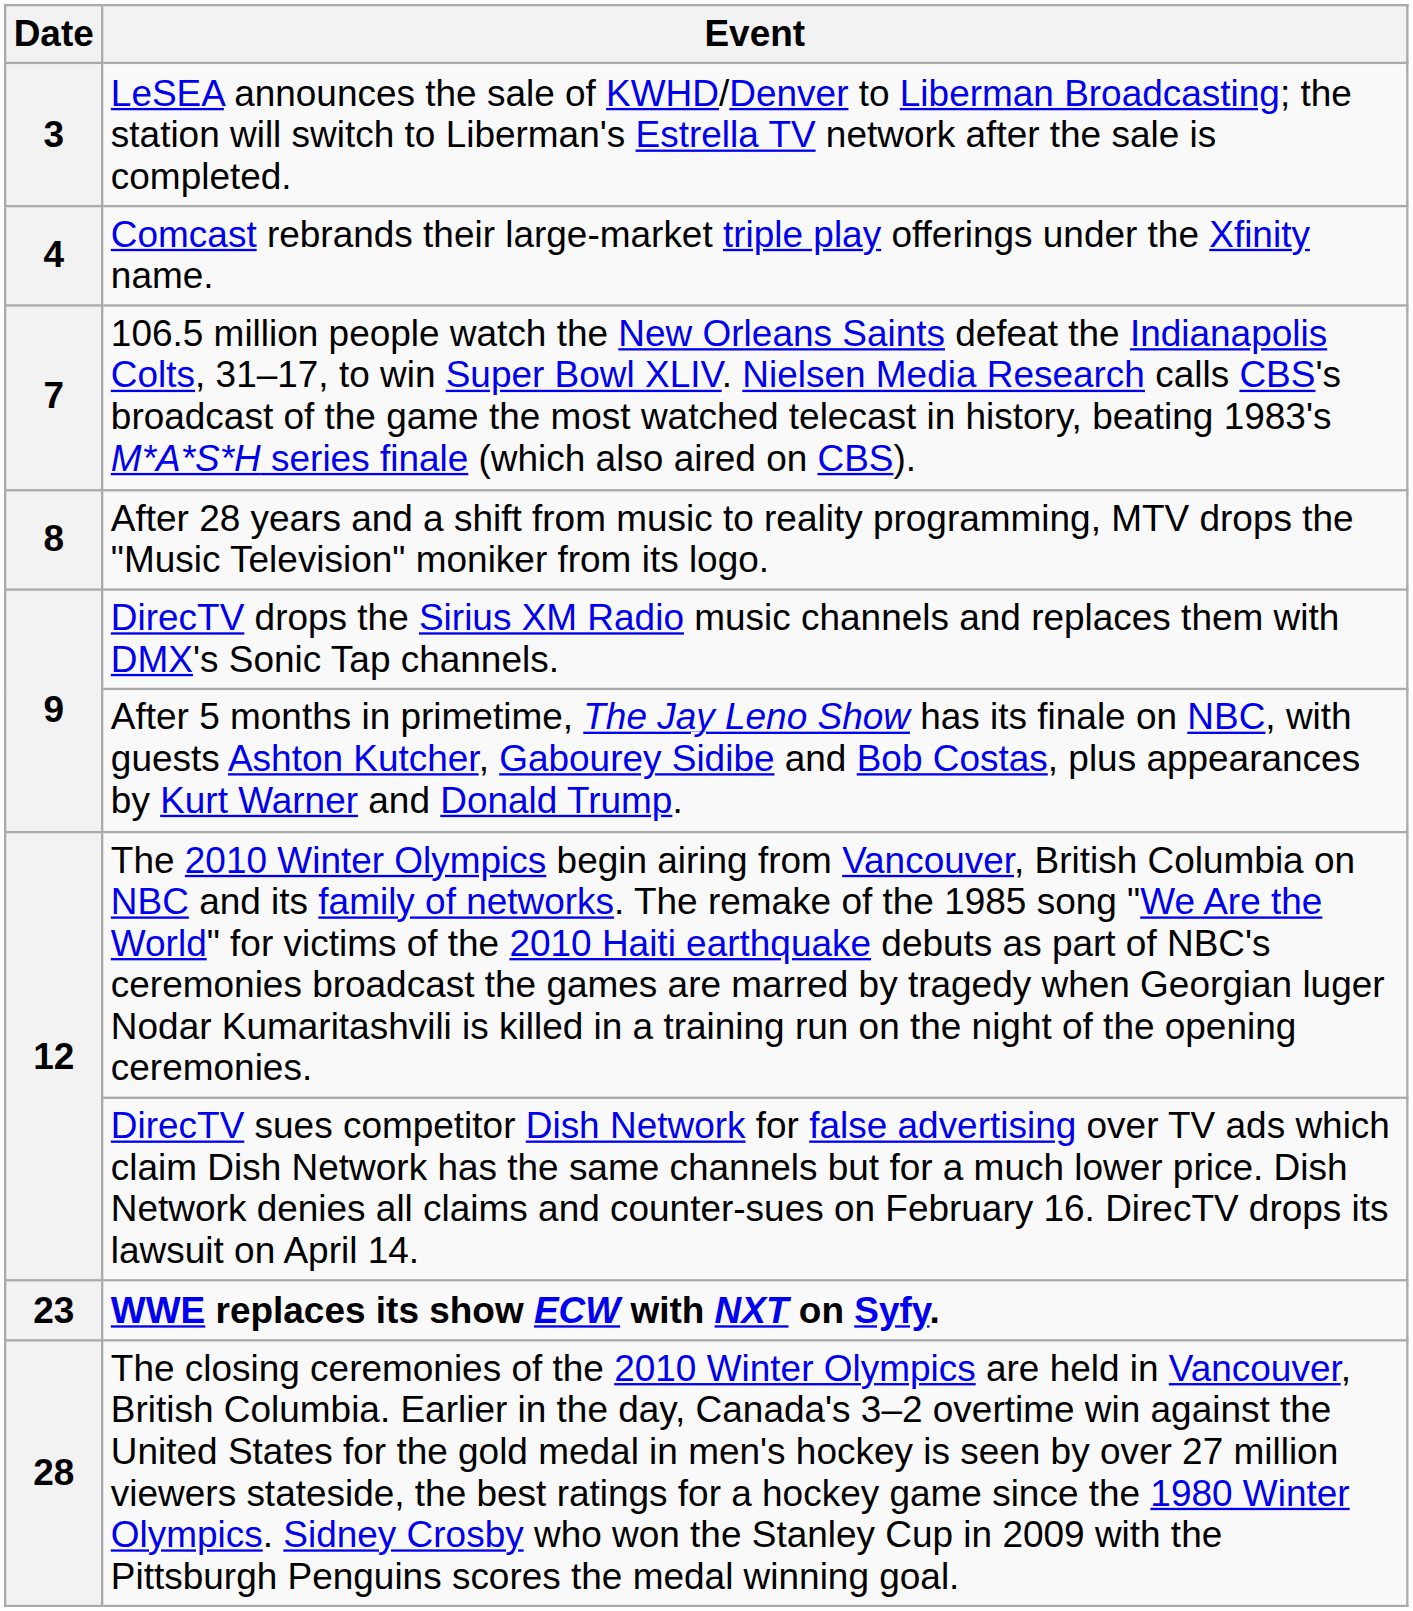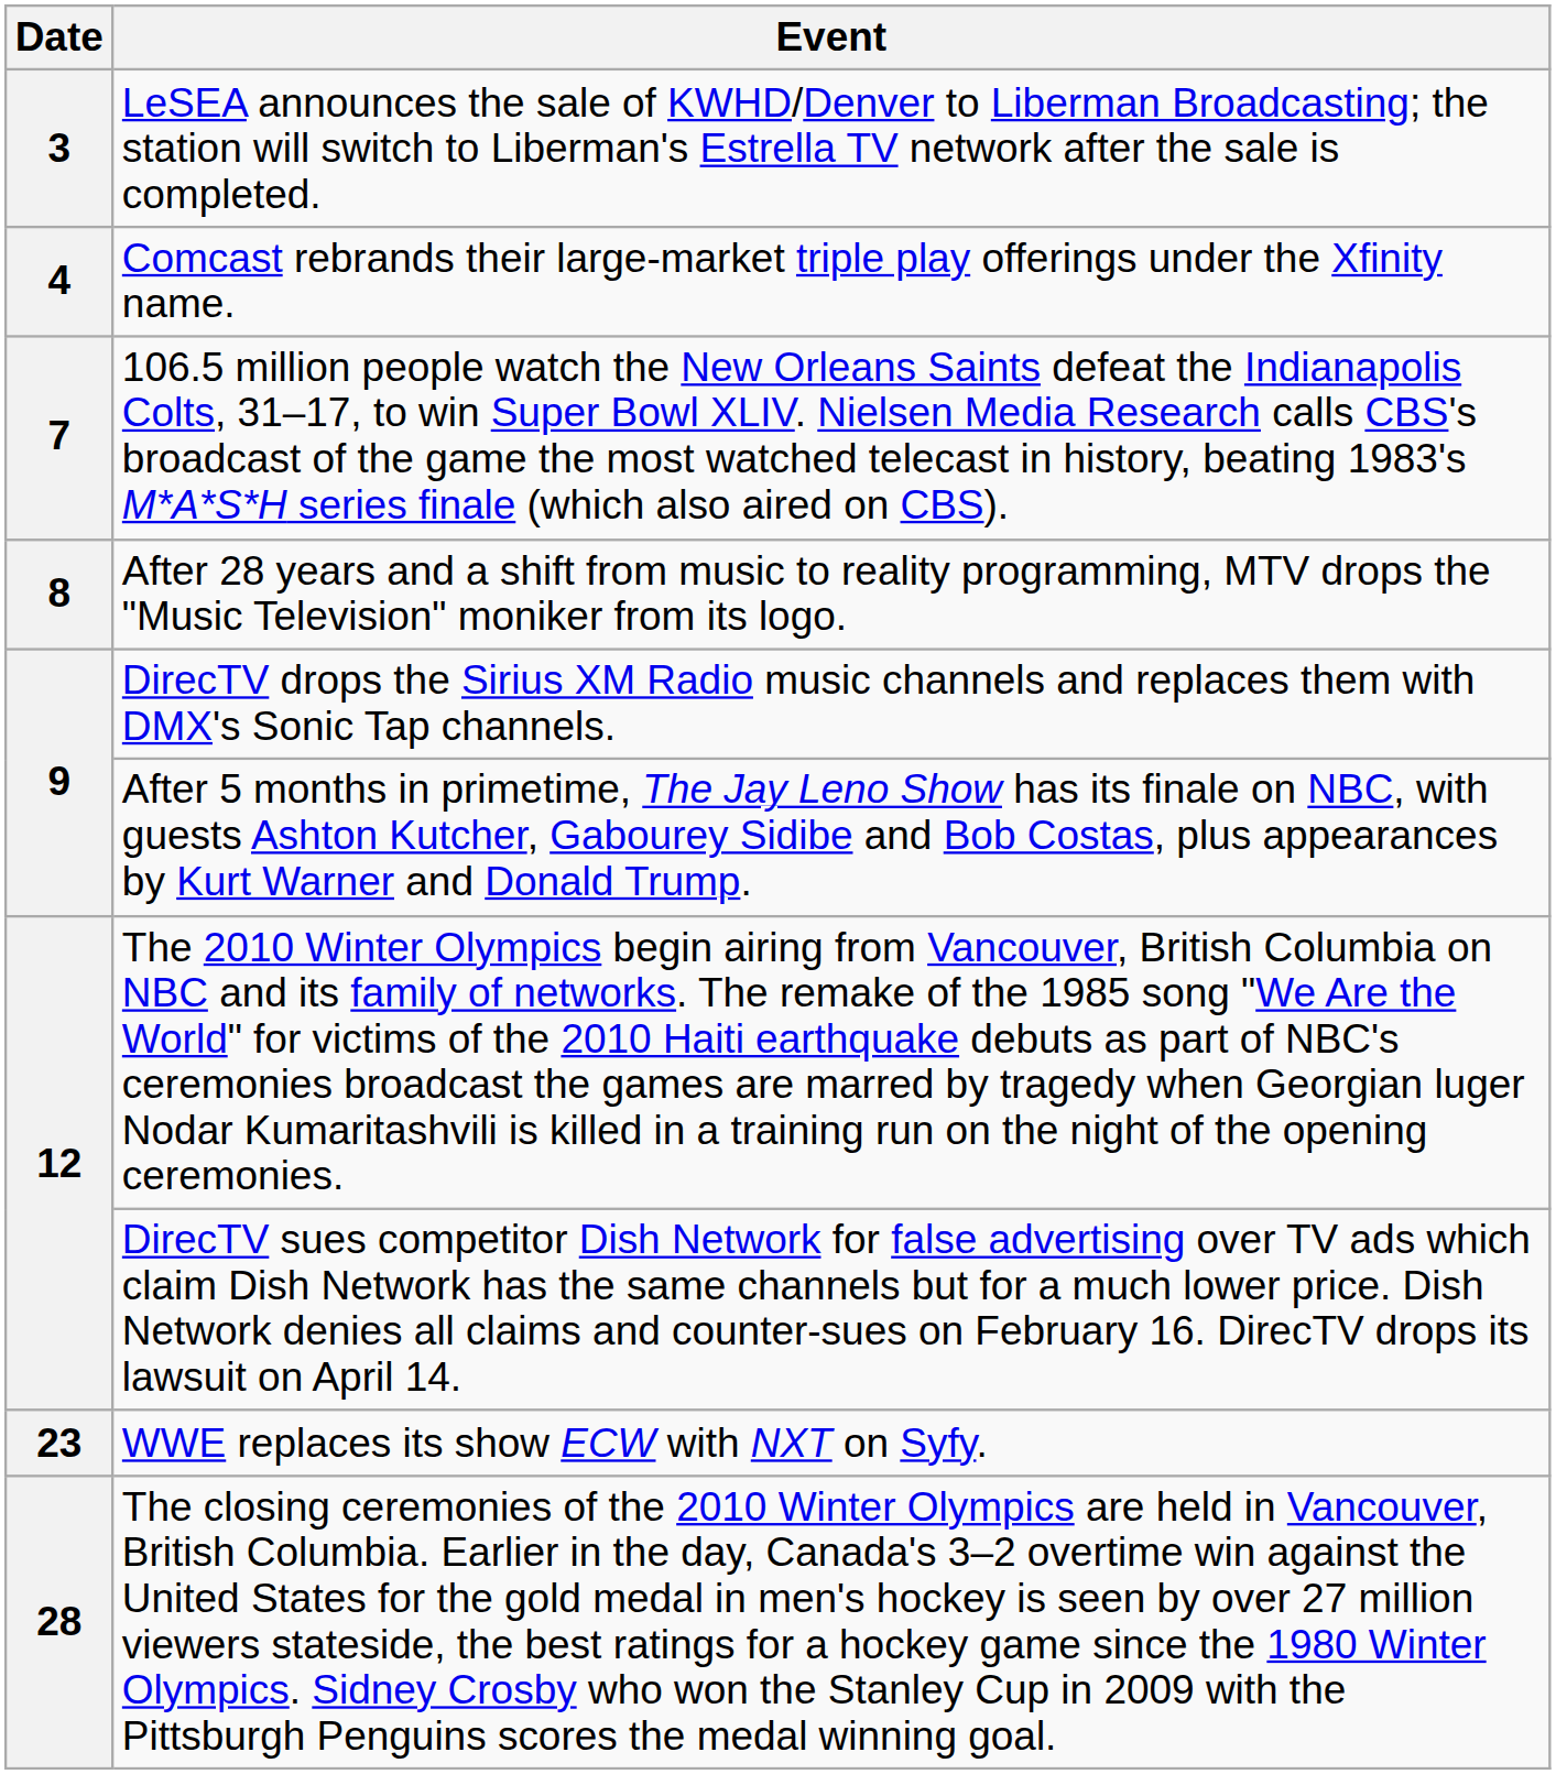 <table class="wikitable">
 <tr>
 <th>Date</th>
 <th>Event</th>
 </tr>
 <tr>
 <th style="text-align:center;"><strong>3</strong></th>
 <td><a href='#'>LeSEA</a> announces the sale of <a href='#'>KWHD</a>/<a href='#'>Denver</a> to <a href='#'>Liberman Broadcasting</a>; the station will switch to Liberman's <a href='#'>Estrella TV</a> network after the sale is completed.</td>
 </tr>
 <tr>
 <th style="text-align:center;"><strong>4</strong></th>
 <td><a href='#'>Comcast</a> rebrands their large-market <a href='#'>triple play</a> offerings under the <a href='#'>Xfinity</a> name.</td>
 </tr>
 <tr>
 <th style="text-align:center;"><strong>7</strong></th>
 <td>106.5 million people watch the <a href='#'>New Orleans Saints</a> defeat the <a href='#'>Indianapolis Colts</a>, 31–17, to win <a href='#'>Super Bowl XLIV</a>. <a href='#'>Nielsen Media Research</a> calls <a href='#'>CBS</a>'s broadcast of the game the most watched telecast in history, beating 1983's <a href='#'><em>M*A*S*H</em> series finale</a> (which also aired on <a href='#'>CBS</a>).</td>
 </tr>
 <tr>
 <th style="text-align:center;"><strong>8</strong></th>
 <td>After 28 years and a shift from music to reality programming, MTV drops the "Music Television" moniker from its logo.</td>
 </tr>
 <tr>
 <th style="text-align:center;" rowspan="2"><strong>9</strong></th>
 <td><a href='#'>DirecTV</a> drops the <a href='#'>Sirius XM Radio</a> music channels and replaces them with <a href='#'>DMX</a>'s Sonic Tap channels.</td>
 </tr>
 <tr>
 <td>After 5 months in primetime, <em><a href='#'>The Jay Leno Show</a></em> has its finale on <a href='#'>NBC</a>, with guests <a href='#'>Ashton Kutcher</a>, <a href='#'>Gabourey Sidibe</a> and <a href='#'>Bob Costas</a>, plus appearances by <a href='#'>Kurt Warner</a> and <a href='#'>Donald Trump</a>.</td>
 </tr>
 <tr>
 <th rowspan="2" style="text-align:center;"><strong>12</strong></th>
 <td>The <a href='#'>2010 Winter Olympics</a> begin airing from <a href='#'>Vancouver</a>, British Columbia on <a href='#'>NBC</a> and its <a href='#'>family of networks</a>. The remake of the 1985 song "<a href='#'>We Are the World</a>" for victims of the <a href='#'>2010 Haiti earthquake</a> debuts as part of NBC's ceremonies broadcast the games are marred by tragedy when Georgian luger Nodar Kumaritashvili is killed in a training run on the night of the opening ceremonies.</td>
 </tr>
 <tr>
 <td><a href='#'>DirecTV</a> sues competitor <a href='#'>Dish Network</a> for <a href='#'>false advertising</a> over TV ads which claim Dish Network has the same channels but for a much lower price. Dish Network denies all claims and counter-sues on February 16. DirecTV drops its lawsuit on April 14.</td>
 </tr>
 <tr>
 <th style="text-align:center;"><strong>23</strong></th>
-<td><strong><a href='#'>WWE</a> replaces its show <em><a href='#'>ECW</a></em> with <em><a href='#'>NXT</a></em> on <a href='#'>Syfy</a>.</strong></td>
+<td><a href='#'>WWE</a> replaces its show <em><a href='#'>ECW</a></em> with <em><a href='#'>NXT</a></em> on <a href='#'>Syfy</a>.</td>
 </tr>
 <tr>
 <th style="text-align:center;"><strong>28</strong></th>
 <td>The closing ceremonies of the <a href='#'>2010 Winter Olympics</a> are held in <a href='#'>Vancouver</a>, British Columbia. Earlier in the day, Canada's 3–2 overtime win against the United States for the gold medal in men's hockey is seen by over 27 million viewers stateside, the best ratings for a hockey game since the <a href='#'>1980 Winter Olympics</a>. <a href='#'>Sidney Crosby</a> who won the Stanley Cup in 2009 with the Pittsburgh Penguins scores the medal winning goal.</td>
 </tr>
 </table>
